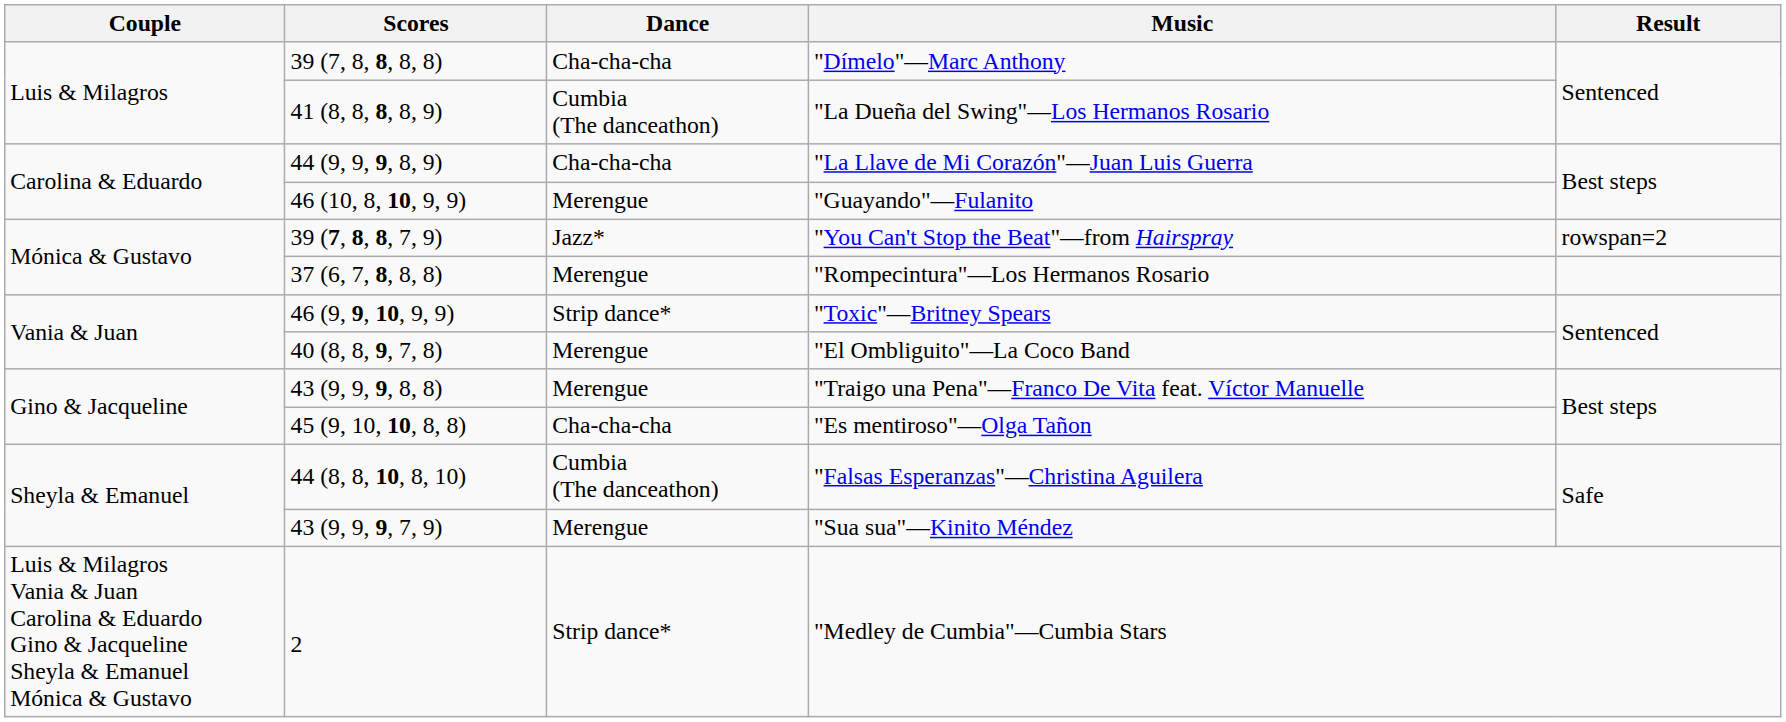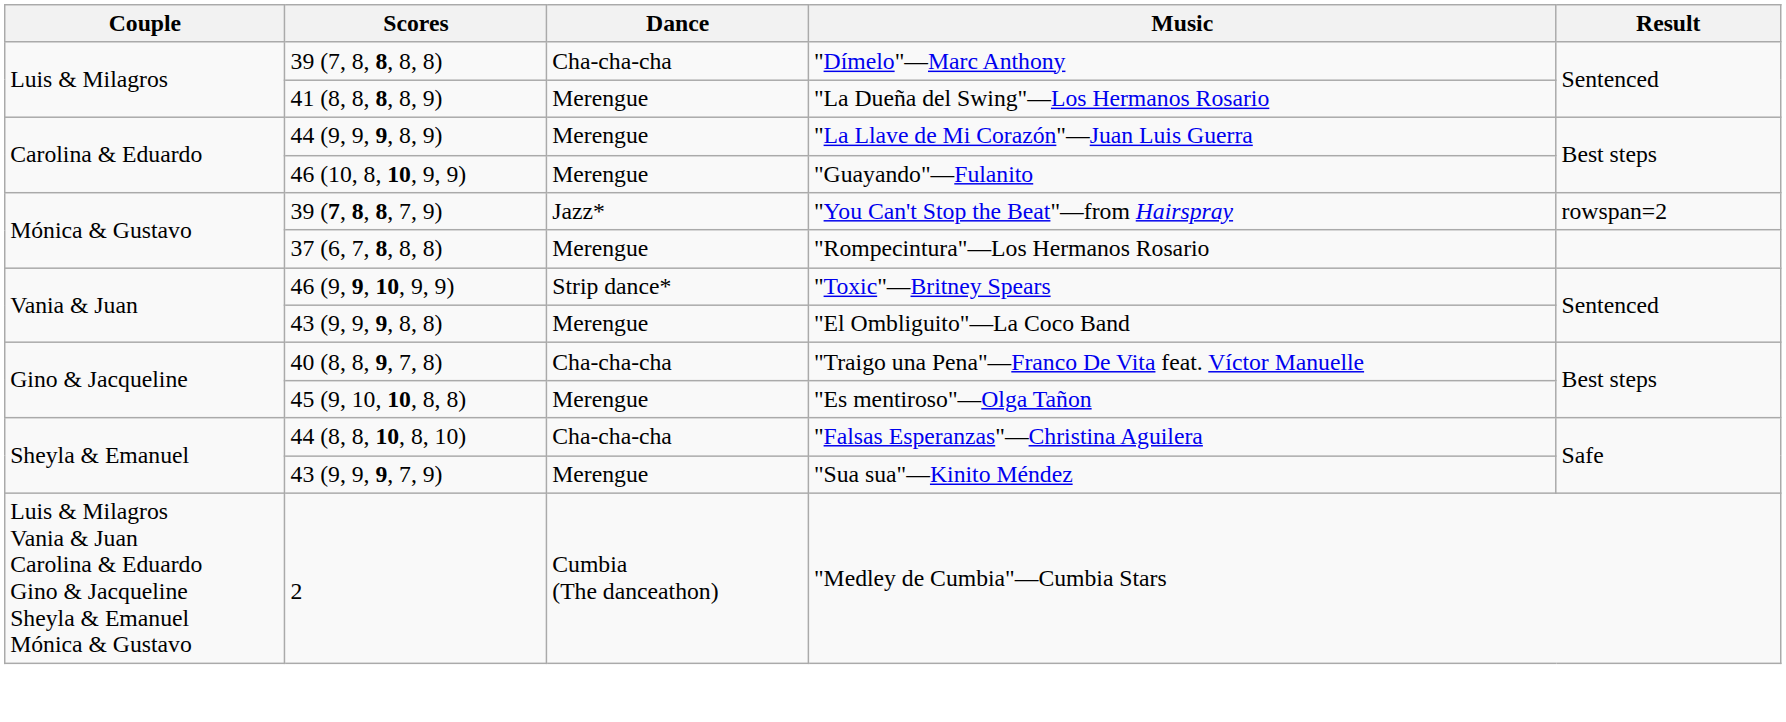 <table class="wikitable sortable" style="width:95%; white-space:nowrap;">
 <tr>
 <th style="width:15%;">Couple<br></th>
 <th style="width:14%;">Scores</th>
 <th style="width:14%;">Dance</th>
 <th style="width:40%;">Music</th>
 <th style="width:12%;">Result</th>
 </tr>
 <tr>
 <td rowspan=2>Luis & Milagros<br></td>
 <td>39 (7, 8, <strong>8</strong>, 8, 8)</td>
 <td>Cha-cha-cha</td>
 <td>"<a href='#'>Dímelo</a>"—<a href='#'>Marc Anthony</a></td>
 <td rowspan=2>Sentenced</td>
 </tr>
 <tr>
 <td>41 (8, 8, <strong>8</strong>, 8, 9)</td>
-<td>Cumbia<br>(The danceathon)</td>
+<td>Merengue</td>
 <td>"La Dueña del Swing"—<a href='#'>Los Hermanos Rosario</a></td>
 </tr>
 <tr>
 <td rowspan=2>Carolina & Eduardo<br></td>
 <td>44 (9, 9, <strong>9</strong>, 8, 9)</td>
-<td>Cha-cha-cha</td>
+<td>Merengue</td>
 <td>"<a href='#'>La Llave de Mi Corazón</a>"—<a href='#'>Juan Luis Guerra</a></td>
 <td rowspan=2>Best steps</td>
 </tr>
 <tr>
 <td>46 (10, 8, <strong>10</strong>, 9, 9)</td>
 <td>Merengue</td>
 <td>"Guayando"—<a href='#'>Fulanito</a></td>
 </tr>
 <tr>
 <td rowspan=2>Mónica & Gustavo</td>
 <td>39 (<strong>7</strong>, <strong>8</strong>, <strong>8</strong>, 7, 9)</td>
 <td>Jazz*</td>
 <td>"<a href='#'>You Can't Stop the Beat</a>"—from <em><a href='#'>Hairspray</a></em></td>
 <td>rowspan=2 </td>
 </tr>
 <tr>
 <td>37 (6, 7, <strong>8</strong>, 8, 8)</td>
 <td>Merengue</td>
 <td>"Rompecintura"—Los Hermanos Rosario</td>
 </tr>
 <tr>
 <td rowspan=2>Vania & Juan</td>
 <td>46 (9, <strong>9</strong>, <strong>10</strong>, 9, 9)</td>
 <td>Strip dance*</td>
 <td>"<a href='#'>Toxic</a>"—<a href='#'>Britney Spears</a></td>
 <td rowspan=2>Sentenced</td>
 </tr>
 <tr>
-<td>40 (8, 8, <strong>9</strong>, 7, 8)</td>
+<td>43 (9, 9, <strong>9</strong>, 8, 8)</td>
 <td>Merengue</td>
 <td>"El Ombliguito"—La Coco Band</td>
 </tr>
 <tr>
 <td rowspan=2>Gino & Jacqueline<br></td>
-<td>43 (9, 9, <strong>9</strong>, 8, 8)</td>
-<td>Merengue</td>
+<td>40 (8, 8, <strong>9</strong>, 7, 8)</td>
+<td>Cha-cha-cha</td>
 <td>"Traigo una Pena"—<a href='#'>Franco De Vita</a> feat. <a href='#'>Víctor Manuelle</a></td>
 <td rowspan=2>Best steps</td>
 </tr>
 <tr>
 <td>45 (9, 10, <strong>10</strong>, 8, 8)</td>
-<td>Cha-cha-cha</td>
+<td>Merengue</td>
 <td>"Es mentiroso"—<a href='#'>Olga Tañon</a></td>
 </tr>
 <tr>
 <td rowspan=2>Sheyla & Emanuel<br></td>
 <td>44 (8, 8, <strong>10</strong>, 8, 10)</td>
-<td>Cumbia<br>(The danceathon)</td>
+<td>Cha-cha-cha</td>
 <td>"<a href='#'>Falsas Esperanzas</a>"—<a href='#'>Christina Aguilera</a></td>
 <td rowspan=2>Safe</td>
 </tr>
 <tr>
 <td>43 (9, 9, <strong>9</strong>, 7, 9)</td>
 <td>Merengue</td>
 <td>"Sua sua"—<a href='#'>Kinito Méndez</a></td>
 </tr>
 <tr>
 <td>Luis & Milagros<br>Vania & Juan<br>Carolina & Eduardo<br>Gino & Jacqueline<br>Sheyla & Emanuel<br>Mónica & Gustavo</td>
 <td valign="top"><br><br><br>2</td>
-<td>Strip dance*</td>
+<td>Cumbia<br>(The danceathon)</td>
 <td colspan="2">"Medley de Cumbia"—Cumbia Stars</td>
 </tr>
 </table>
